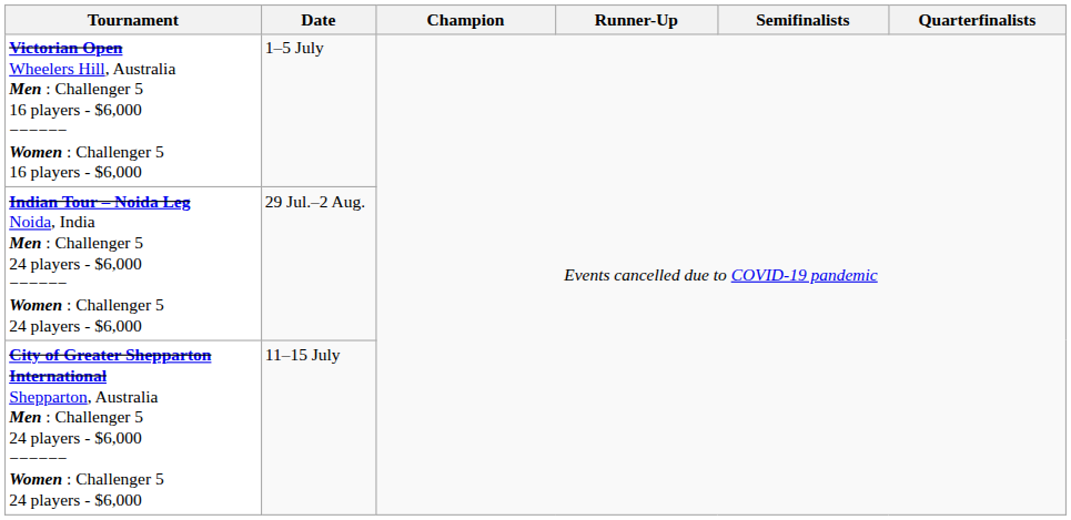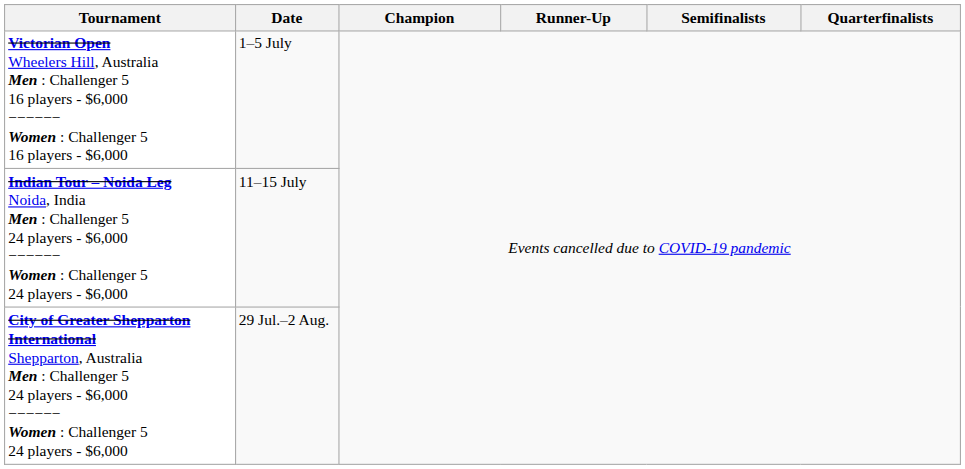 <table class="wikitable" style="font-size:88%">
 <tr>
 <th width=250>Tournament</th>
 <th width=110>Date</th>
 <th width=170>Champion</th>
 <th width=155>Runner-Up</th>
 <th width=155>Semifinalists</th>
 <th width=155>Quarterfinalists</th>
 </tr>
 <tr valign=top>
 <td rowspan=1 style="background:#fff;"><s><strong><a href='#'>Victorian Open</a></strong></s><br> <a href='#'>Wheelers Hill</a>, Australia<br><strong> <em>Men</em> </strong>: Challenger 5<br>16 players - $6,000<br>−−−−−−<br><strong> <em>Women</em> </strong>: Challenger 5<br>16 players - $6,000</td>
 <td rowspan=1>1–5 July</td>
 <td colspan="4" rowspan="3" style="vertical-align:middle; text-align:center;"><em>Events cancelled due to <a href='#'>COVID-19 pandemic</a></em></td>
 </tr>
 <tr valign=top>
 <td rowspan=1 style="background:#fff;"><s><strong><a href='#'>  Indian Tour – Noida Leg</a></strong></s><br> <a href='#'>Noida</a>, India<br><strong> <em>Men</em> </strong>: Challenger 5<br>24 players - $6,000<br>−−−−−−<br><strong> <em>Women</em> </strong>: Challenger 5<br>24 players - $6,000</td>
-<td rowspan=1>29 Jul.–2 Aug.</td>
+<td rowspan=1>11–15 July</td>
 </tr>
 <tr valign=top>
 <td rowspan=1 style="background:#fff;"><s><strong><a href='#'>City of Greater Shepparton International</a></strong></s><br> <a href='#'>Shepparton</a>, Australia<br><strong> <em>Men</em> </strong>: Challenger 5<br>24 players - $6,000<br>−−−−−−<br><strong> <em>Women</em> </strong>: Challenger 5<br>24 players - $6,000</td>
-<td rowspan=1>11–15 July</td>
+<td rowspan=1>29 Jul.–2 Aug.</td>
 </tr>
 </table>
